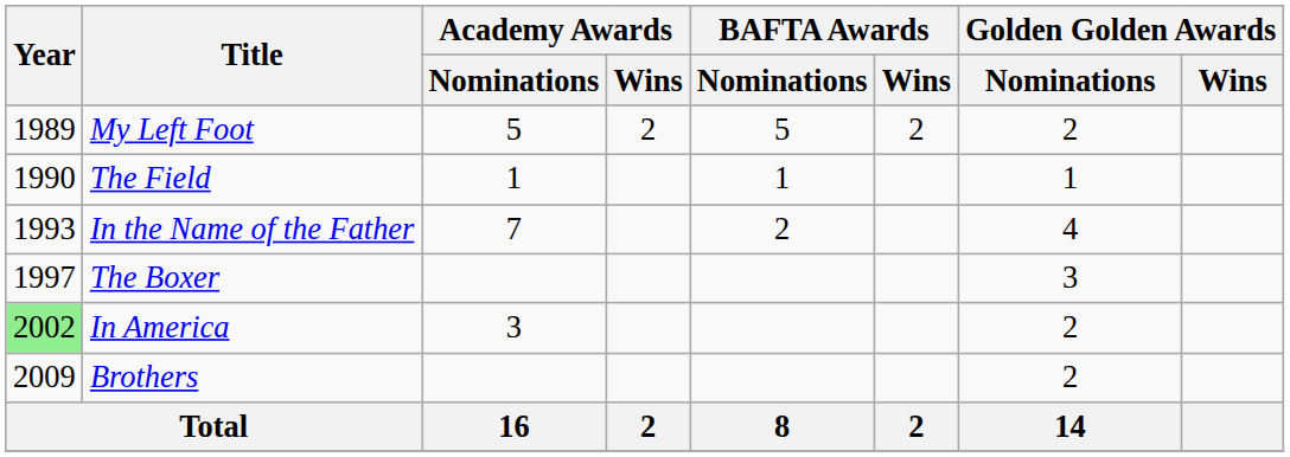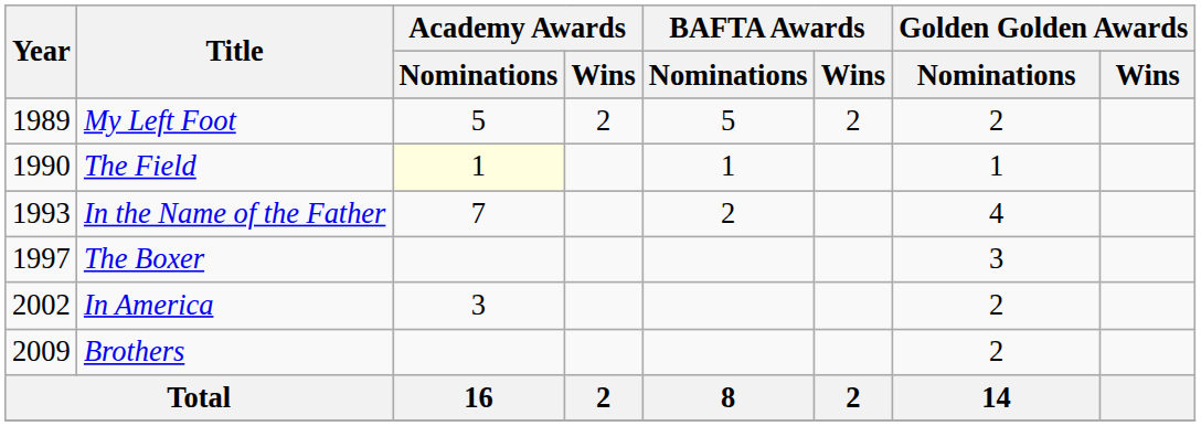 <table class="wikitable">
 <tr>
 <th rowspan="2">Year</th>
 <th rowspan="2">Title</th>
 <th colspan="2">Academy Awards</th>
 <th colspan="2">BAFTA Awards</th>
 <th colspan="2">Golden Golden Awards</th>
 </tr>
 <tr>
 <th>Nominations</th>
 <th>Wins</th>
 <th>Nominations</th>
 <th>Wins</th>
 <th>Nominations</th>
 <th>Wins</th>
 </tr>
 <tr>
 <td>1989</td>
 <td><em><a href='#'>My Left Foot</a></em></td>
 <td align=center>5</td>
 <td align=center>2</td>
 <td align=center>5</td>
 <td align=center>2</td>
 <td align=center>2</td>
 <td></td>
 </tr>
 <tr>
 <td>1990</td>
 <td><a href='#'><em>The Field</em></a></td>
-<td align=center>1</td>
+<td align=center style="background: lightyellow;">1</td>
 <td></td>
 <td align=center>1</td>
 <td></td>
 <td align=center>1</td>
 <td></td>
 </tr>
 <tr>
 <td>1993</td>
 <td><em><a href='#'>In the Name of the Father</a></em></td>
 <td align=center>7</td>
 <td></td>
 <td align=center>2</td>
 <td></td>
 <td align=center>4</td>
 <td></td>
 </tr>
 <tr>
 <td>1997</td>
 <td><a href='#'><em>The Boxer</em></a></td>
 <td></td>
 <td></td>
 <td></td>
 <td></td>
 <td align=center>3</td>
 <td></td>
 </tr>
 <tr>
-<td style="background: lightgreen;">2002</td>
+<td>2002</td>
 <td><a href='#'><em>In America</em></a></td>
 <td align=center>3</td>
 <td></td>
 <td></td>
 <td></td>
 <td align=center>2</td>
 <td></td>
 </tr>
 <tr>
 <td>2009</td>
 <td><a href='#'><em>Brothers</em></a></td>
 <td></td>
 <td></td>
 <td></td>
 <td></td>
 <td align=center>2</td>
 <td></td>
 </tr>
 <tr>
 <th colspan="2">Total</th>
 <th>16</th>
 <th>2</th>
 <th>8</th>
 <th>2</th>
 <th>14</th>
 <th></th>
 </tr>
 <tr>
 </tr>
 </table>
